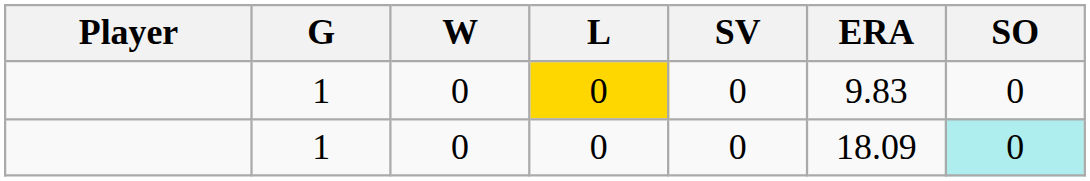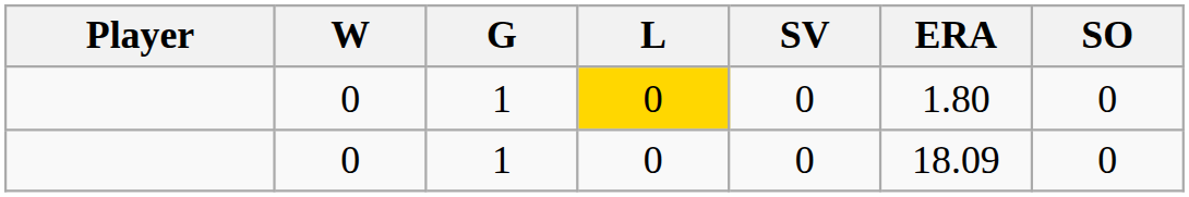 <table class="wikitable sortable">
 <tr>
 <th bgcolor="#DDDDFF" width="16%">Player</th>
+<th bgcolor="#DDDDFF" width="9%">W</th>
 <th bgcolor="#DDDDFF" width="9%">G</th>
-<th bgcolor="#DDDDFF" width="9%">W</th>
 <th bgcolor="#DDDDFF" width="9%">L</th>
 <th bgcolor="#DDDDFF" width="9%">SV</th>
 <th bgcolor="#DDDDFF" width="9%">ERA</th>
 <th bgcolor="#DDDDFF" width="9%">SO</th>
 </tr>
 <tr align="center">
 <td></td>
+<td>0</td>
 <td>1</td>
-<td>0</td>
 <td style="background: gold;">0</td>
 <td>0</td>
-<td>9.83</td>
+<td>1.80</td>
 <td>0</td>
 </tr>
 <tr align="center">
 <td></td>
+<td>0</td>
 <td>1</td>
 <td>0</td>
 <td>0</td>
+<td>18.09</td>
 <td>0</td>
-<td>18.09</td>
-<td style="background: paleturquoise;">0</td>
 </tr>
 </table>
